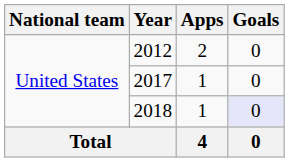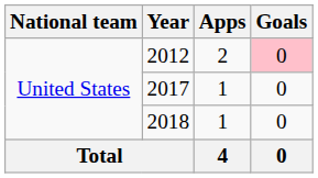 <table class="wikitable" style="text-align:center">
 <tr>
 <th>National team</th>
 <th>Year</th>
 <th>Apps</th>
 <th>Goals</th>
 </tr>
 <tr>
 <td rowspan="3"><a href='#'>United States</a></td>
 <td>2012</td>
 <td>2</td>
-<td>0</td>
+<td style="background: pink;">0</td>
 </tr>
 <tr>
 <td>2017</td>
 <td>1</td>
 <td>0</td>
 </tr>
 <tr>
 <td>2018</td>
 <td>1</td>
-<td style="background: lavender;">0</td>
+<td>0</td>
 </tr>
 <tr>
 <th colspan="2">Total</th>
 <th>4</th>
 <th>0</th>
 </tr>
 </table>
